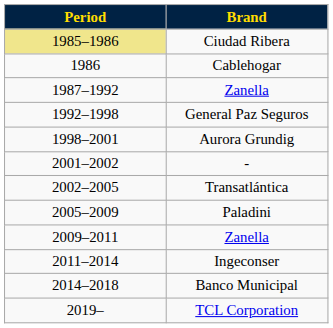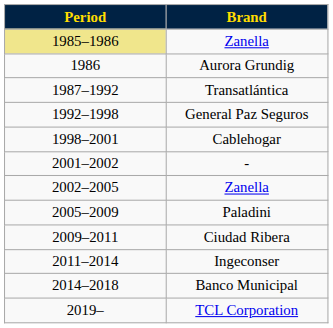 <table class="wikitable" style="text-align:center; font-size:90%;">
 <tr>
 <th width=150px style="background: #002244; color: #FFDD00">Period</th>
 <th width=150px style="background: #002244; color: #FFDD00">Brand</th>
 </tr>
 <tr>
 <td align=center style="background: khaki;">1985–1986</td>
-<td>Ciudad Ribera</td>
+<td><a href='#'>Zanella</a></td>
 </tr>
 <tr>
 <td align=center>1986</td>
-<td>Cablehogar</td>
+<td>Aurora Grundig</td>
 </tr>
 <tr>
 <td align=center>1987–1992</td>
-<td><a href='#'>Zanella</a></td>
+<td>Transatlántica</td>
 </tr>
 <tr>
 <td align=center>1992–1998</td>
 <td>General Paz Seguros</td>
 </tr>
 <tr>
 <td align=center>1998–2001</td>
-<td>Aurora Grundig</td>
+<td>Cablehogar</td>
 </tr>
 <tr>
 <td align=center>2001–2002</td>
 <td>-</td>
 </tr>
 <tr>
 <td align=center>2002–2005</td>
-<td>Transatlántica</td>
+<td><a href='#'>Zanella</a></td>
 </tr>
 <tr>
 <td align=center>2005–2009</td>
 <td>Paladini</td>
 </tr>
 <tr>
 <td align=center>2009–2011</td>
-<td><a href='#'>Zanella</a></td>
+<td>Ciudad Ribera</td>
 </tr>
 <tr>
 <td align=center>2011–2014</td>
 <td>Ingeconser</td>
 </tr>
 <tr>
 <td align=center>2014–2018</td>
 <td>Banco Municipal</td>
 </tr>
 <tr>
 <td align=center>2019–</td>
 <td><a href='#'>TCL Corporation</a></td>
 </tr>
 </table>
